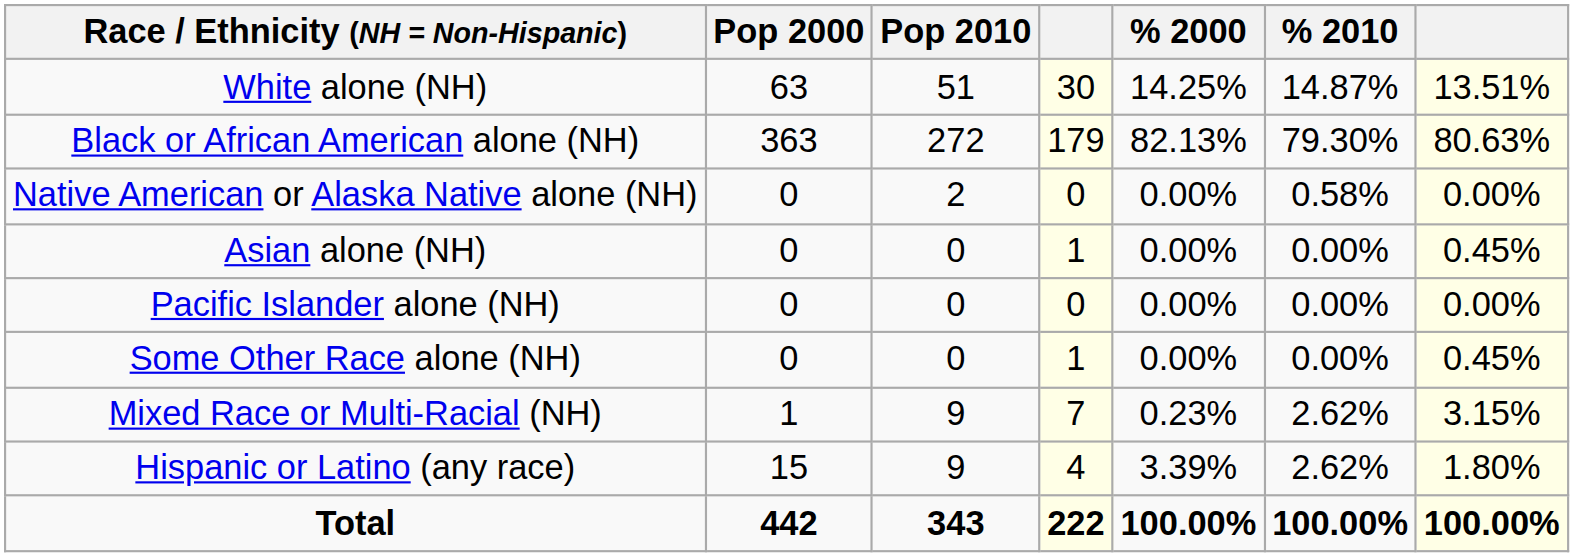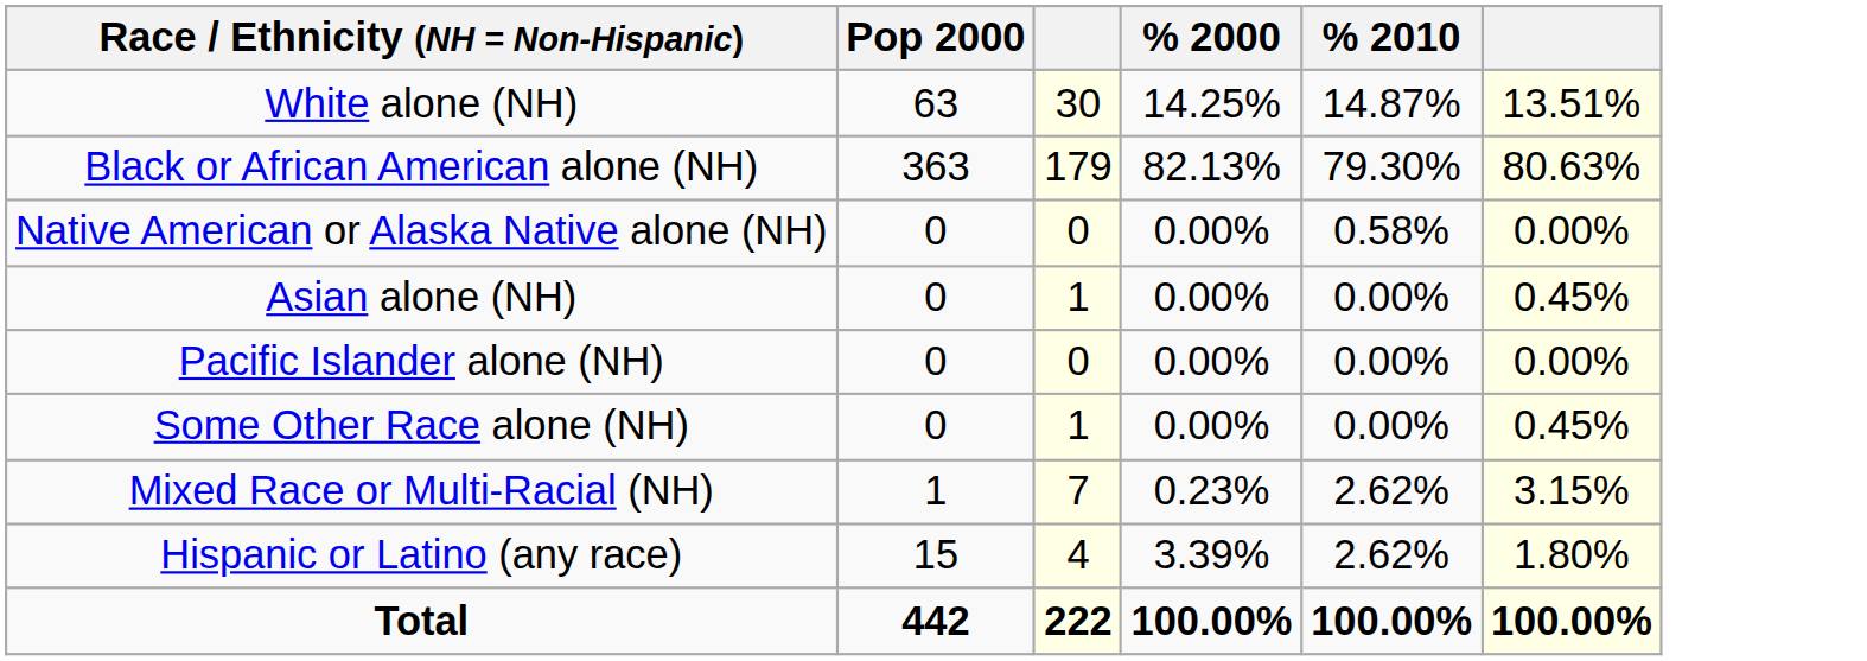 <table class="wikitable" style="text-align:center;">
 <tr>
 <th>Race / Ethnicity <small>(<em>NH = Non-Hispanic</em>)</small></th>
 <th>Pop 2000</th>
-<th>Pop 2010</th>
 <th></th>
 <th>% 2000</th>
 <th>% 2010</th>
 <th></th>
 </tr>
 <tr>
 <td><a href='#'>White</a> alone (NH)</td>
 <td>63</td>
-<td>51</td>
 <td style='background: #ffffe6;'>30</td>
 <td>14.25%</td>
 <td>14.87%</td>
 <td style='background: #ffffe6;'>13.51%</td>
 </tr>
 <tr>
 <td><a href='#'>Black or African American</a> alone (NH)</td>
 <td>363</td>
-<td>272</td>
 <td style='background: #ffffe6;'>179</td>
 <td>82.13%</td>
 <td>79.30%</td>
 <td style='background: #ffffe6;'>80.63%</td>
 </tr>
 <tr>
 <td><a href='#'>Native American</a> or <a href='#'>Alaska Native</a> alone (NH)</td>
 <td>0</td>
-<td>2</td>
 <td style='background: #ffffe6;'>0</td>
 <td>0.00%</td>
 <td>0.58%</td>
 <td style='background: #ffffe6;'>0.00%</td>
 </tr>
 <tr>
 <td><a href='#'>Asian</a> alone (NH)</td>
-<td>0</td>
 <td>0</td>
 <td style='background: #ffffe6;'>1</td>
 <td>0.00%</td>
 <td>0.00%</td>
 <td style='background: #ffffe6;'>0.45%</td>
 </tr>
 <tr>
 <td><a href='#'>Pacific Islander</a> alone (NH)</td>
 <td>0</td>
-<td>0</td>
 <td style='background: #ffffe6;'>0</td>
 <td>0.00%</td>
 <td>0.00%</td>
 <td style='background: #ffffe6;'>0.00%</td>
 </tr>
 <tr>
 <td><a href='#'>Some Other Race</a> alone (NH)</td>
-<td>0</td>
 <td>0</td>
 <td style='background: #ffffe6;'>1</td>
 <td>0.00%</td>
 <td>0.00%</td>
 <td style='background: #ffffe6;'>0.45%</td>
 </tr>
 <tr>
 <td><a href='#'>Mixed Race or Multi-Racial</a> (NH)</td>
 <td>1</td>
-<td>9</td>
 <td style='background: #ffffe6;'>7</td>
 <td>0.23%</td>
 <td>2.62%</td>
 <td style='background: #ffffe6;'>3.15%</td>
 </tr>
 <tr>
 <td><a href='#'>Hispanic or Latino</a> (any race)</td>
 <td>15</td>
-<td>9</td>
 <td style='background: #ffffe6;'>4</td>
 <td>3.39%</td>
 <td>2.62%</td>
 <td style='background: #ffffe6;'>1.80%</td>
 </tr>
 <tr>
 <td><strong>Total</strong></td>
 <td><strong>442</strong></td>
-<td><strong>343</strong></td>
 <td style='background: #ffffe6;'><strong>222</strong></td>
 <td><strong>100.00%</strong></td>
 <td><strong>100.00%</strong></td>
 <td style='background: #ffffe6;'><strong>100.00%</strong></td>
 </tr>
 </table>
